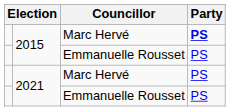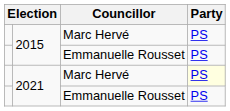 <table class="wikitable">
 <tr>
 <th colspan="2">Election</th>
 <th>Councillor</th>
 <th>Party</th>
 </tr>
 <tr>
 <td style="background-color: "></td>
 <td rowspan="2">2015</td>
 <td>Marc Hervé</td>
-<td><strong><a href='#'>PS</a></strong></td>
+<td><a href='#'>PS</a></td>
 </tr>
 <tr>
 <td style="background-color: "></td>
 <td>Emmanuelle Rousset</td>
 <td><a href='#'>PS</a></td>
 </tr>
 <tr>
 <td style="background-color: "></td>
 <td rowspan="2">2021</td>
 <td>Marc Hervé</td>
-<td><a href='#'>PS</a></td>
+<td style="background: lightyellow;"><a href='#'>PS</a></td>
 </tr>
 <tr>
 <td style="background-color: "></td>
 <td>Emmanuelle Rousset</td>
 <td><a href='#'>PS</a></td>
 </tr>
 </table>
